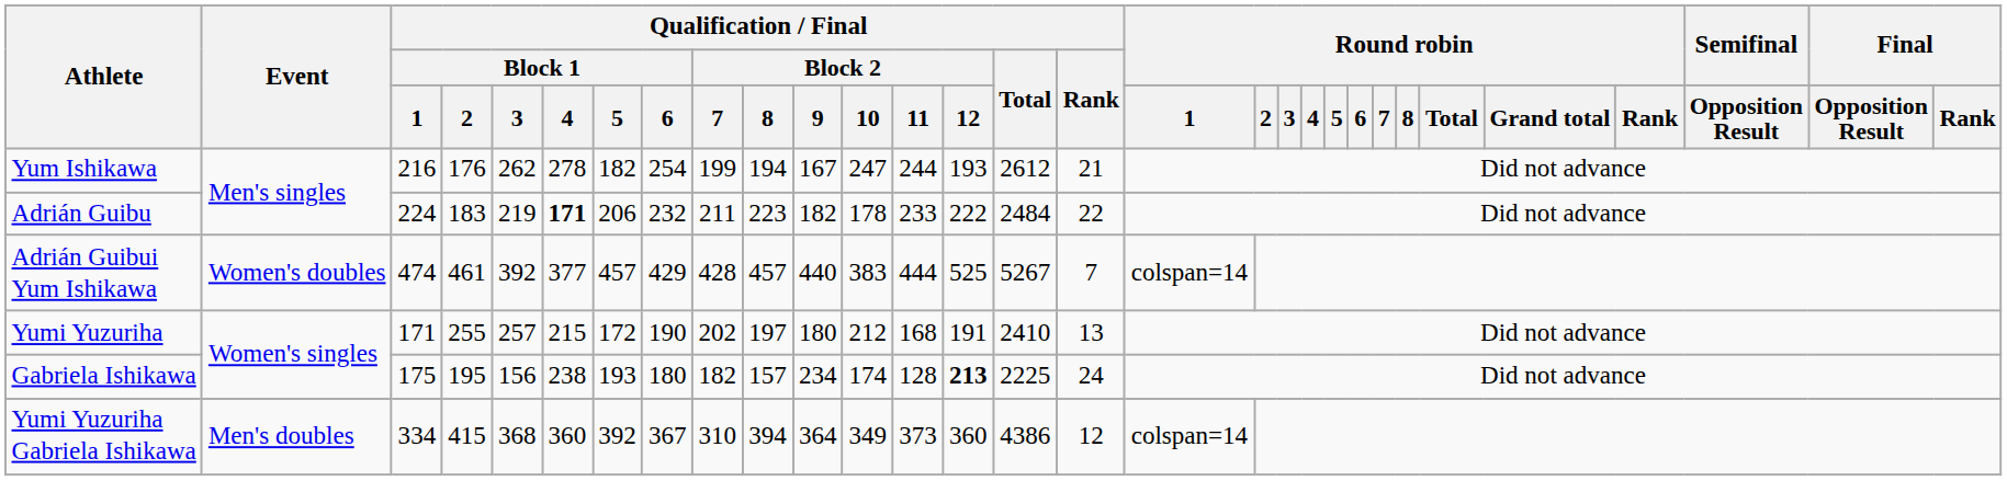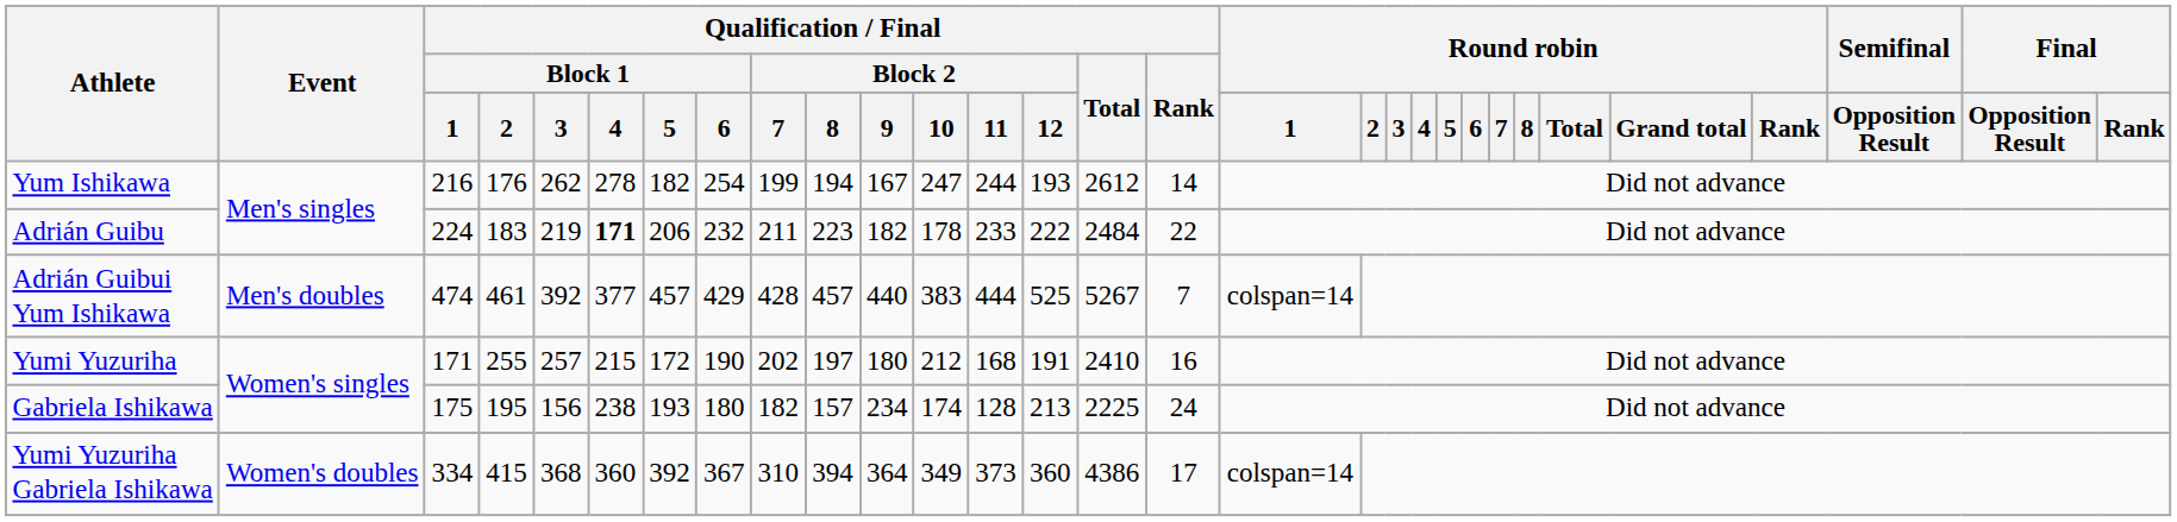 <table class=wikitable style=font-size:75%;text-align:center>
 <tr>
 <th rowspan=3>Athlete</th>
 <th rowspan=3>Event</th>
 <th colspan=14>Qualification / Final</th>
 <th colspan=11 rowspan=2>Round robin</th>
 <th rowspan=2>Semifinal</th>
 <th rowspan=2 colspan=2>Final</th>
 </tr>
 <tr style=font-size:95%>
 <th colspan=6>Block 1</th>
 <th colspan=6>Block 2</th>
 <th rowspan=2>Total</th>
 <th rowspan=2>Rank</th>
 </tr>
 <tr style=font-size:95%>
 <th>1</th>
 <th>2</th>
 <th>3</th>
 <th>4</th>
 <th>5</th>
 <th>6</th>
 <th>7</th>
 <th>8</th>
 <th>9</th>
 <th>10</th>
 <th>11</th>
 <th>12</th>
 <th>1</th>
 <th>2</th>
 <th>3</th>
 <th>4</th>
 <th>5</th>
 <th>6</th>
 <th>7</th>
 <th>8</th>
 <th>Total</th>
 <th>Grand total</th>
 <th>Rank</th>
 <th>Opposition<br>Result</th>
 <th>Opposition<br>Result</th>
 <th>Rank</th>
 </tr>
 <tr>
 <td align=left><a href='#'>Yum Ishikawa</a></td>
 <td align=left rowspan=2><a href='#'>Men's singles</a></td>
 <td>216</td>
 <td>176</td>
 <td>262</td>
 <td>278</td>
 <td>182</td>
 <td>254</td>
 <td>199</td>
 <td>194</td>
 <td>167</td>
 <td>247</td>
 <td>244</td>
 <td>193</td>
 <td>2612</td>
-<td>21</td>
+<td>14</td>
 <td colspan=14>Did not advance</td>
 </tr>
 <tr>
 <td align=left><a href='#'>Adrián Guibu</a></td>
 <td>224</td>
 <td>183</td>
 <td>219</td>
 <td><strong>171</strong></td>
 <td>206</td>
 <td>232</td>
 <td>211</td>
 <td>223</td>
 <td>182</td>
 <td>178</td>
 <td>233</td>
 <td>222</td>
 <td>2484</td>
 <td>22</td>
 <td colspan=14>Did not advance</td>
 </tr>
 <tr>
 <td align=left><a href='#'>Adrián Guibui</a><br><a href='#'>Yum Ishikawa</a></td>
-<td align=left><a href='#'>Women's doubles</a></td>
+<td align=left><a href='#'>Men's doubles</a></td>
 <td>474</td>
 <td>461</td>
 <td>392</td>
 <td>377</td>
 <td>457</td>
 <td>429</td>
 <td>428</td>
 <td>457</td>
 <td>440</td>
 <td>383</td>
 <td>444</td>
 <td>525</td>
 <td>5267</td>
 <td>7</td>
 <td>colspan=14 </td>
 </tr>
 <tr>
 <td align=left><a href='#'>Yumi Yuzuriha</a></td>
 <td align=left rowspan=2><a href='#'>Women's singles</a></td>
 <td>171</td>
 <td>255</td>
 <td>257</td>
 <td>215</td>
 <td>172</td>
 <td>190</td>
 <td>202</td>
 <td>197</td>
 <td>180</td>
 <td>212</td>
 <td>168</td>
 <td>191</td>
 <td>2410</td>
-<td>13</td>
+<td>16</td>
 <td colspan=14>Did not advance</td>
 </tr>
 <tr>
 <td align=left><a href='#'>Gabriela Ishikawa</a></td>
 <td>175</td>
 <td>195</td>
 <td>156</td>
 <td>238</td>
 <td>193</td>
 <td>180</td>
 <td>182</td>
 <td>157</td>
 <td>234</td>
 <td>174</td>
 <td>128</td>
-<td><strong>213</strong></td>
+<td>213</td>
 <td>2225</td>
 <td>24</td>
 <td colspan=14>Did not advance</td>
 </tr>
 <tr>
 <td align=left><a href='#'>Yumi Yuzuriha</a><br><a href='#'>Gabriela Ishikawa</a></td>
-<td align=left><a href='#'>Men's doubles</a></td>
+<td align=left><a href='#'>Women's doubles</a></td>
 <td>334</td>
 <td>415</td>
 <td>368</td>
 <td>360</td>
 <td>392</td>
 <td>367</td>
 <td>310</td>
 <td>394</td>
 <td>364</td>
 <td>349</td>
 <td>373</td>
 <td>360</td>
 <td>4386</td>
-<td>12</td>
+<td>17</td>
 <td>colspan=14 </td>
 </tr>
 </table>
